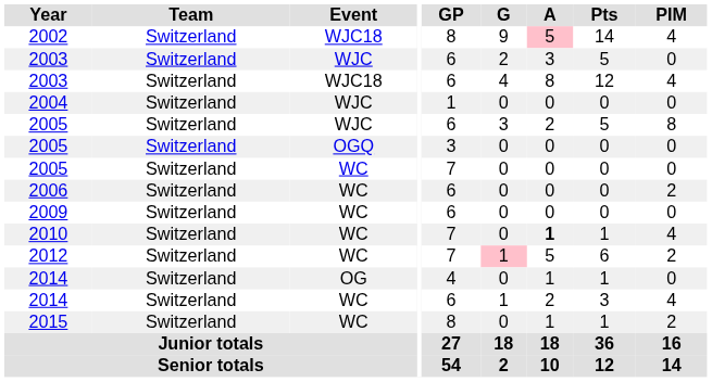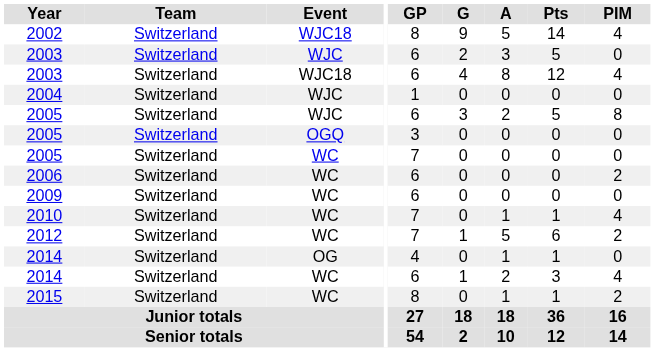 <table border="0" cellpadding="1" cellspacing="0" ID="Table3" style="text-align:center; width:40em">
 <tr ALIGN="center" bgcolor="#e0e0e0">
 <th>Year</th>
 <th>Team</th>
 <th>Event</th>
 <th rowspan="102" bgcolor="#ffffff"></th>
 <th>GP</th>
 <th>G</th>
 <th>A</th>
 <th>Pts</th>
 <th>PIM</th>
 </tr>
 <tr>
 <td><a href='#'>2002</a></td>
 <td><a href='#'>Switzerland</a></td>
 <td><a href='#'>WJC18</a></td>
 <td>8</td>
 <td>9</td>
-<td style="background: pink;">5</td>
+<td>5</td>
 <td>14</td>
 <td>4</td>
 </tr>
 <tr bgcolor="#f0f0f0">
 <td><a href='#'>2003</a></td>
 <td><a href='#'>Switzerland</a></td>
 <td><a href='#'>WJC</a></td>
 <td>6</td>
 <td>2</td>
 <td>3</td>
 <td>5</td>
 <td>0</td>
 </tr>
 <tr>
 <td><a href='#'>2003</a></td>
 <td>Switzerland</td>
 <td>WJC18</td>
 <td>6</td>
 <td>4</td>
 <td>8</td>
 <td>12</td>
 <td>4</td>
 </tr>
 <tr bgcolor="#f0f0f0">
 <td><a href='#'>2004</a></td>
 <td>Switzerland</td>
 <td>WJC</td>
 <td>1</td>
 <td>0</td>
 <td>0</td>
 <td>0</td>
 <td>0</td>
 </tr>
 <tr>
 <td><a href='#'>2005</a></td>
 <td>Switzerland</td>
 <td>WJC</td>
 <td>6</td>
 <td>3</td>
 <td>2</td>
 <td>5</td>
 <td>8</td>
 </tr>
 <tr bgcolor="#f0f0f0">
 <td><a href='#'>2005</a></td>
 <td><a href='#'>Switzerland</a></td>
 <td><a href='#'>OGQ</a></td>
 <td>3</td>
 <td>0</td>
 <td>0</td>
 <td>0</td>
 <td>0</td>
 </tr>
 <tr>
 <td><a href='#'>2005</a></td>
 <td>Switzerland</td>
 <td><a href='#'>WC</a></td>
 <td>7</td>
 <td>0</td>
 <td>0</td>
 <td>0</td>
 <td>0</td>
 </tr>
 <tr bgcolor="#f0f0f0">
 <td><a href='#'>2006</a></td>
 <td>Switzerland</td>
 <td>WC</td>
 <td>6</td>
 <td>0</td>
 <td>0</td>
 <td>0</td>
 <td>2</td>
 </tr>
 <tr>
 <td><a href='#'>2009</a></td>
 <td>Switzerland</td>
 <td>WC</td>
 <td>6</td>
 <td>0</td>
 <td>0</td>
 <td>0</td>
 <td>0</td>
 </tr>
 <tr bgcolor="#f0f0f0">
 <td><a href='#'>2010</a></td>
 <td>Switzerland</td>
 <td>WC</td>
 <td>7</td>
 <td>0</td>
-<td><strong>1</strong></td>
+<td>1</td>
 <td>1</td>
 <td>4</td>
 </tr>
 <tr>
 <td><a href='#'>2012</a></td>
 <td>Switzerland</td>
 <td>WC</td>
 <td>7</td>
-<td style="background: pink;">1</td>
+<td>1</td>
 <td>5</td>
 <td>6</td>
 <td>2</td>
 </tr>
 <tr bgcolor="#f0f0f0">
 <td><a href='#'>2014</a></td>
 <td>Switzerland</td>
 <td>OG</td>
 <td>4</td>
 <td>0</td>
 <td>1</td>
 <td>1</td>
 <td>0</td>
 </tr>
 <tr>
 <td><a href='#'>2014</a></td>
 <td>Switzerland</td>
 <td>WC</td>
 <td>6</td>
 <td>1</td>
 <td>2</td>
 <td>3</td>
 <td>4</td>
 </tr>
 <tr bgcolor="#f0f0f0">
 <td><a href='#'>2015</a></td>
 <td>Switzerland</td>
 <td>WC</td>
 <td>8</td>
 <td>0</td>
 <td>1</td>
 <td>1</td>
 <td>2</td>
 </tr>
 <tr bgcolor="#e0e0e0">
 <th colspan=3>Junior totals</th>
 <th>27</th>
 <th>18</th>
 <th>18</th>
 <th>36</th>
 <th>16</th>
 </tr>
 <tr bgcolor="#e0e0e0">
 <th colspan=3>Senior totals</th>
 <th>54</th>
 <th>2</th>
 <th>10</th>
 <th>12</th>
 <th>14</th>
 </tr>
 </table>
